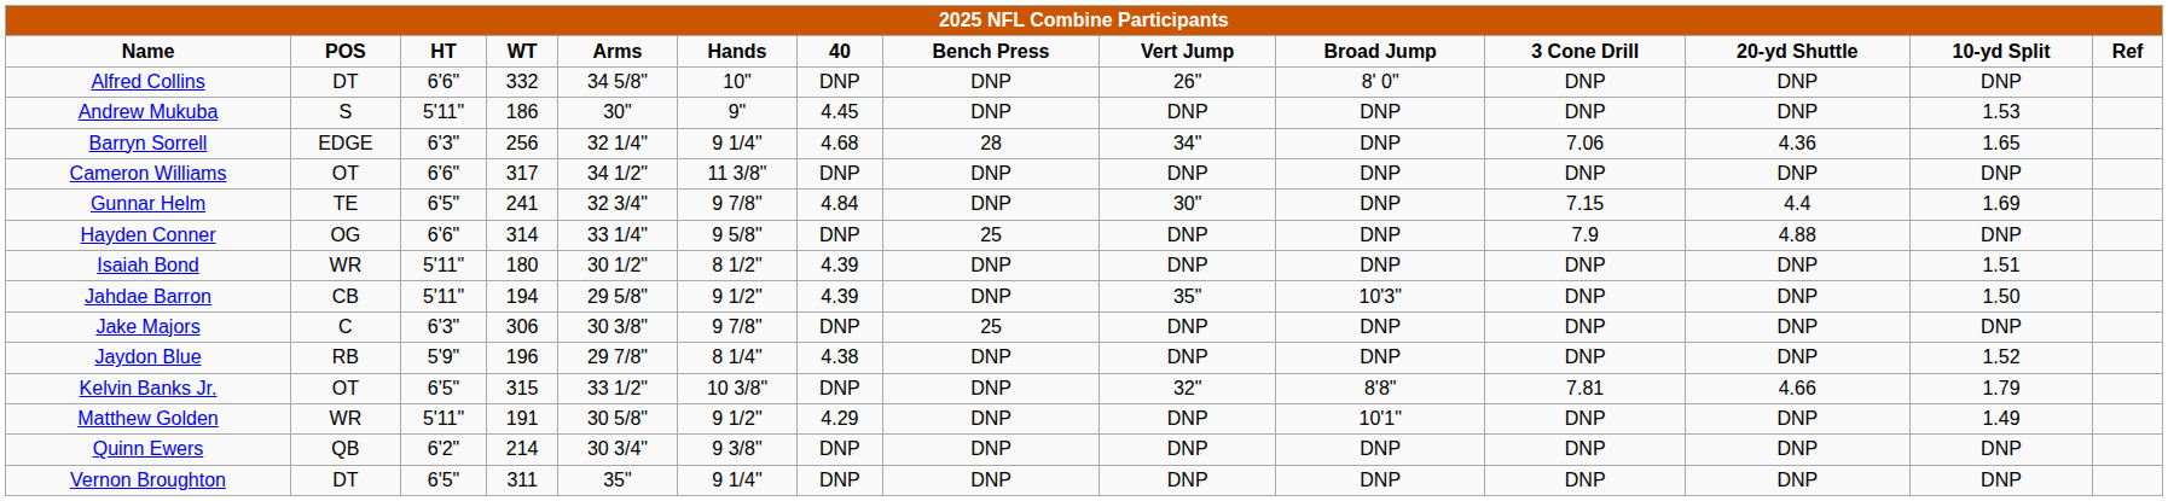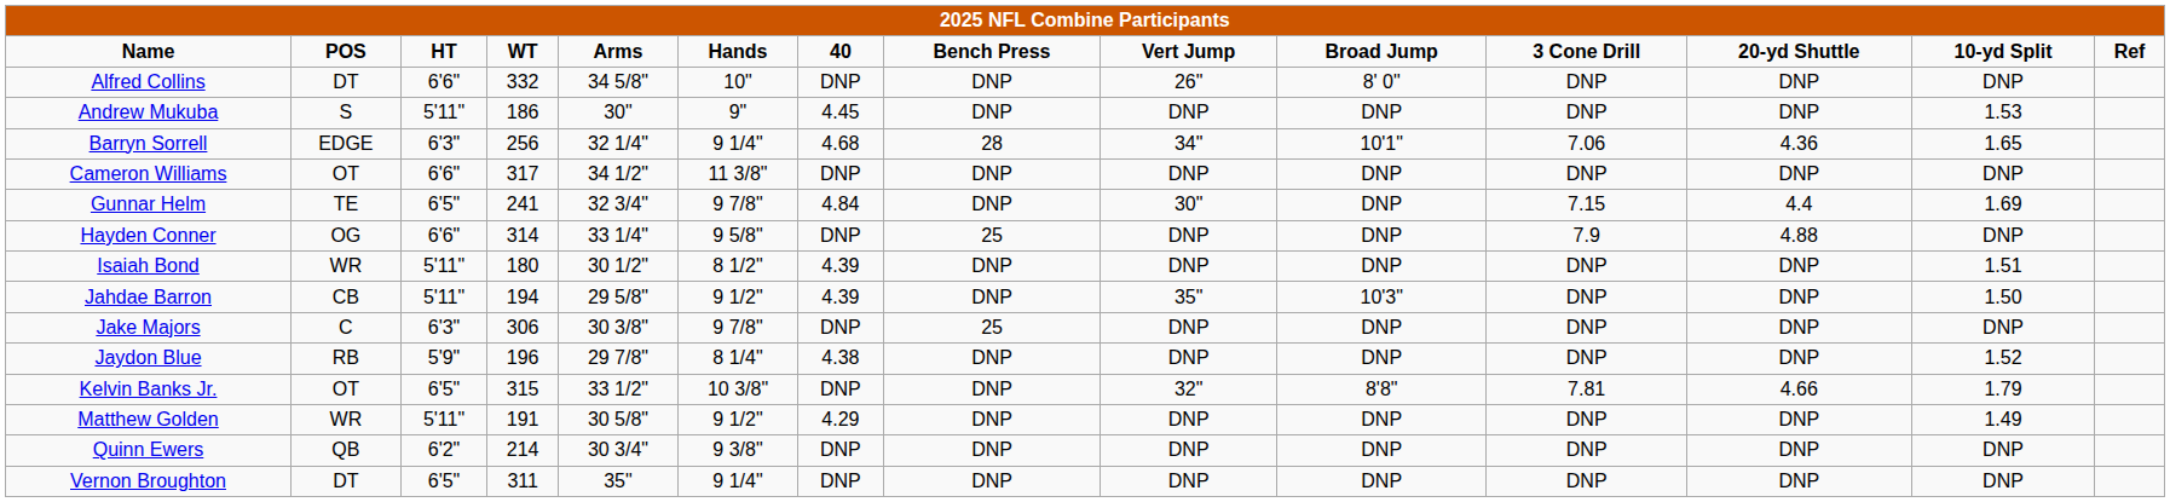 <table class="wikitable sortable" style="width:90%; text-align:center;">
 <tr style="font-weight:bold; background:#CC5500; color:#FFFFFF;">
 <td colspan="14">2025 NFL Combine Participants</td>
 </tr>
 <tr style="font-weight:bold;">
 <td>Name</td>
 <td>POS</td>
 <td>HT</td>
 <td>WT</td>
 <td>Arms</td>
 <td>Hands</td>
 <td>40</td>
 <td>Bench Press</td>
 <td>Vert Jump</td>
 <td>Broad Jump</td>
 <td>3 Cone Drill</td>
 <td>20-yd Shuttle</td>
 <td>10-yd Split</td>
 <td>Ref</td>
 </tr>
 <tr>
 <td><a href='#'>Alfred Collins</a></td>
 <td>DT</td>
 <td>6'6"</td>
 <td>332</td>
 <td>34 5/8"</td>
 <td>10"</td>
 <td>DNP</td>
 <td>DNP</td>
 <td>26"</td>
 <td>8' 0"</td>
 <td>DNP</td>
 <td>DNP</td>
 <td>DNP</td>
 <td></td>
 </tr>
 <tr>
 <td><a href='#'>Andrew Mukuba</a></td>
 <td>S</td>
 <td>5'11"</td>
 <td>186</td>
 <td>30"</td>
 <td>9"</td>
 <td>4.45</td>
 <td>DNP</td>
 <td>DNP</td>
 <td>DNP</td>
 <td>DNP</td>
 <td>DNP</td>
 <td>1.53</td>
 <td></td>
 </tr>
 <tr>
 <td><a href='#'>Barryn Sorrell</a></td>
 <td>EDGE</td>
 <td>6'3"</td>
 <td>256</td>
 <td>32 1/4"</td>
 <td>9 1/4"</td>
 <td>4.68</td>
 <td>28</td>
 <td>34"</td>
-<td>DNP</td>
+<td>10'1"</td>
 <td>7.06</td>
 <td>4.36</td>
 <td>1.65</td>
 <td></td>
 </tr>
 <tr>
 <td><a href='#'>Cameron Williams</a></td>
 <td>OT</td>
 <td>6'6"</td>
 <td>317</td>
 <td>34 1/2"</td>
 <td>11 3/8"</td>
 <td>DNP</td>
 <td>DNP</td>
 <td>DNP</td>
 <td>DNP</td>
 <td>DNP</td>
 <td>DNP</td>
 <td>DNP</td>
 <td></td>
 </tr>
 <tr>
 <td><a href='#'>Gunnar Helm</a></td>
 <td>TE</td>
 <td>6'5"</td>
 <td>241</td>
 <td>32 3/4"</td>
 <td>9 7/8"</td>
 <td>4.84</td>
 <td>DNP</td>
 <td>30"</td>
 <td>DNP</td>
 <td>7.15</td>
 <td>4.4</td>
 <td>1.69</td>
 <td></td>
 </tr>
 <tr>
 <td><a href='#'>Hayden Conner</a></td>
 <td>OG</td>
 <td>6'6"</td>
 <td>314</td>
 <td>33 1/4"</td>
 <td>9 5/8"</td>
 <td>DNP</td>
 <td>25</td>
 <td>DNP</td>
 <td>DNP</td>
 <td>7.9</td>
 <td>4.88</td>
 <td>DNP</td>
 <td></td>
 </tr>
 <tr>
 <td><a href='#'>Isaiah Bond</a></td>
 <td>WR</td>
 <td>5'11"</td>
 <td>180</td>
 <td>30 1/2"</td>
 <td>8 1/2"</td>
 <td>4.39</td>
 <td>DNP</td>
 <td>DNP</td>
 <td>DNP</td>
 <td>DNP</td>
 <td>DNP</td>
 <td>1.51</td>
 <td></td>
 </tr>
 <tr>
 <td><a href='#'>Jahdae Barron</a></td>
 <td>CB</td>
 <td>5'11"</td>
 <td>194</td>
 <td>29 5/8"</td>
 <td>9 1/2"</td>
 <td>4.39</td>
 <td>DNP</td>
 <td>35"</td>
 <td>10'3"</td>
 <td>DNP</td>
 <td>DNP</td>
 <td>1.50</td>
 <td></td>
 </tr>
 <tr>
 <td><a href='#'>Jake Majors</a></td>
 <td>C</td>
 <td>6'3"</td>
 <td>306</td>
 <td>30 3/8"</td>
 <td>9 7/8"</td>
 <td>DNP</td>
 <td>25</td>
 <td>DNP</td>
 <td>DNP</td>
 <td>DNP</td>
 <td>DNP</td>
 <td>DNP</td>
 <td></td>
 </tr>
 <tr>
 <td><a href='#'>Jaydon Blue</a></td>
 <td>RB</td>
 <td>5'9"</td>
 <td>196</td>
 <td>29 7/8"</td>
 <td>8 1/4"</td>
 <td>4.38</td>
 <td>DNP</td>
 <td>DNP</td>
 <td>DNP</td>
 <td>DNP</td>
 <td>DNP</td>
 <td>1.52</td>
 <td></td>
 </tr>
 <tr>
 <td><a href='#'>Kelvin Banks Jr.</a></td>
 <td>OT</td>
 <td>6'5"</td>
 <td>315</td>
 <td>33 1/2"</td>
 <td>10 3/8"</td>
 <td>DNP</td>
 <td>DNP</td>
 <td>32"</td>
 <td>8'8"</td>
 <td>7.81</td>
 <td>4.66</td>
 <td>1.79</td>
 <td></td>
 </tr>
 <tr>
 <td><a href='#'>Matthew Golden</a></td>
 <td>WR</td>
 <td>5'11"</td>
 <td>191</td>
 <td>30 5/8"</td>
 <td>9 1/2"</td>
 <td>4.29</td>
 <td>DNP</td>
 <td>DNP</td>
-<td>10'1"</td>
+<td>DNP</td>
 <td>DNP</td>
 <td>DNP</td>
 <td>1.49</td>
 <td></td>
 </tr>
 <tr>
 <td><a href='#'>Quinn Ewers</a></td>
 <td>QB</td>
 <td>6'2"</td>
 <td>214</td>
 <td>30 3/4"</td>
 <td>9 3/8"</td>
 <td>DNP</td>
 <td>DNP</td>
 <td>DNP</td>
 <td>DNP</td>
 <td>DNP</td>
 <td>DNP</td>
 <td>DNP</td>
 <td></td>
 </tr>
 <tr>
 <td><a href='#'>Vernon Broughton</a></td>
 <td>DT</td>
 <td>6'5"</td>
 <td>311</td>
 <td>35"</td>
 <td>9 1/4"</td>
 <td>DNP</td>
 <td>DNP</td>
 <td>DNP</td>
 <td>DNP</td>
 <td>DNP</td>
 <td>DNP</td>
 <td>DNP</td>
 <td></td>
 </tr>
 <tr>
 </tr>
 </table>
